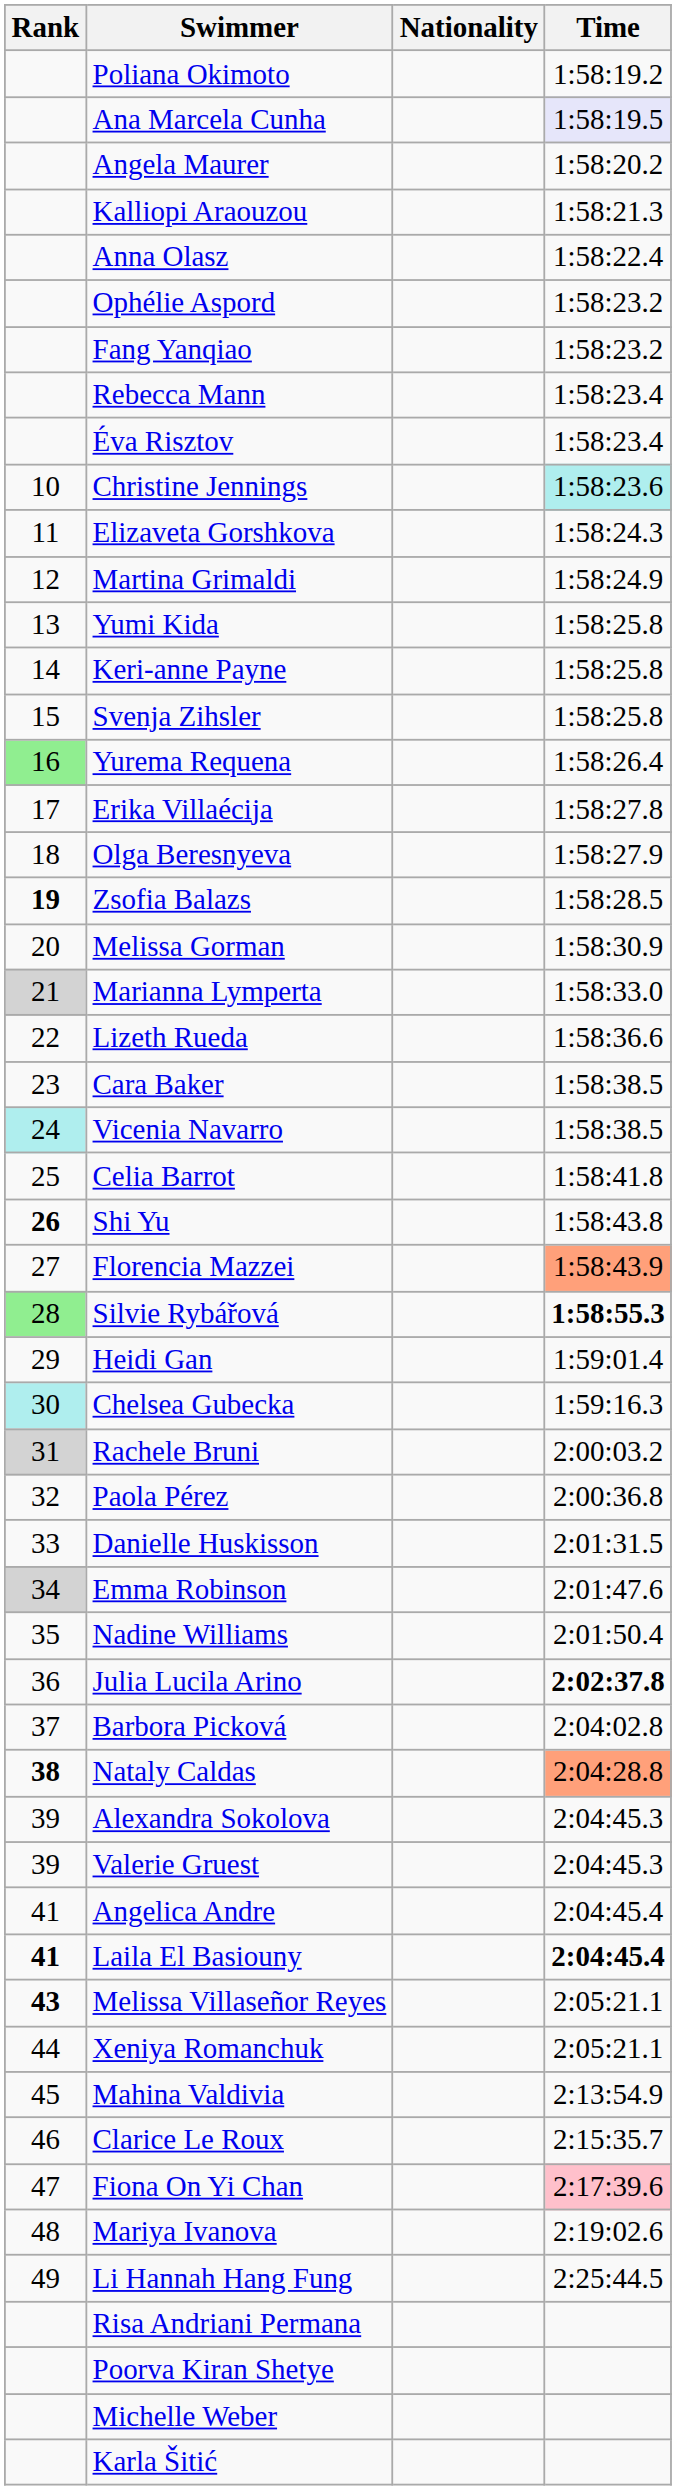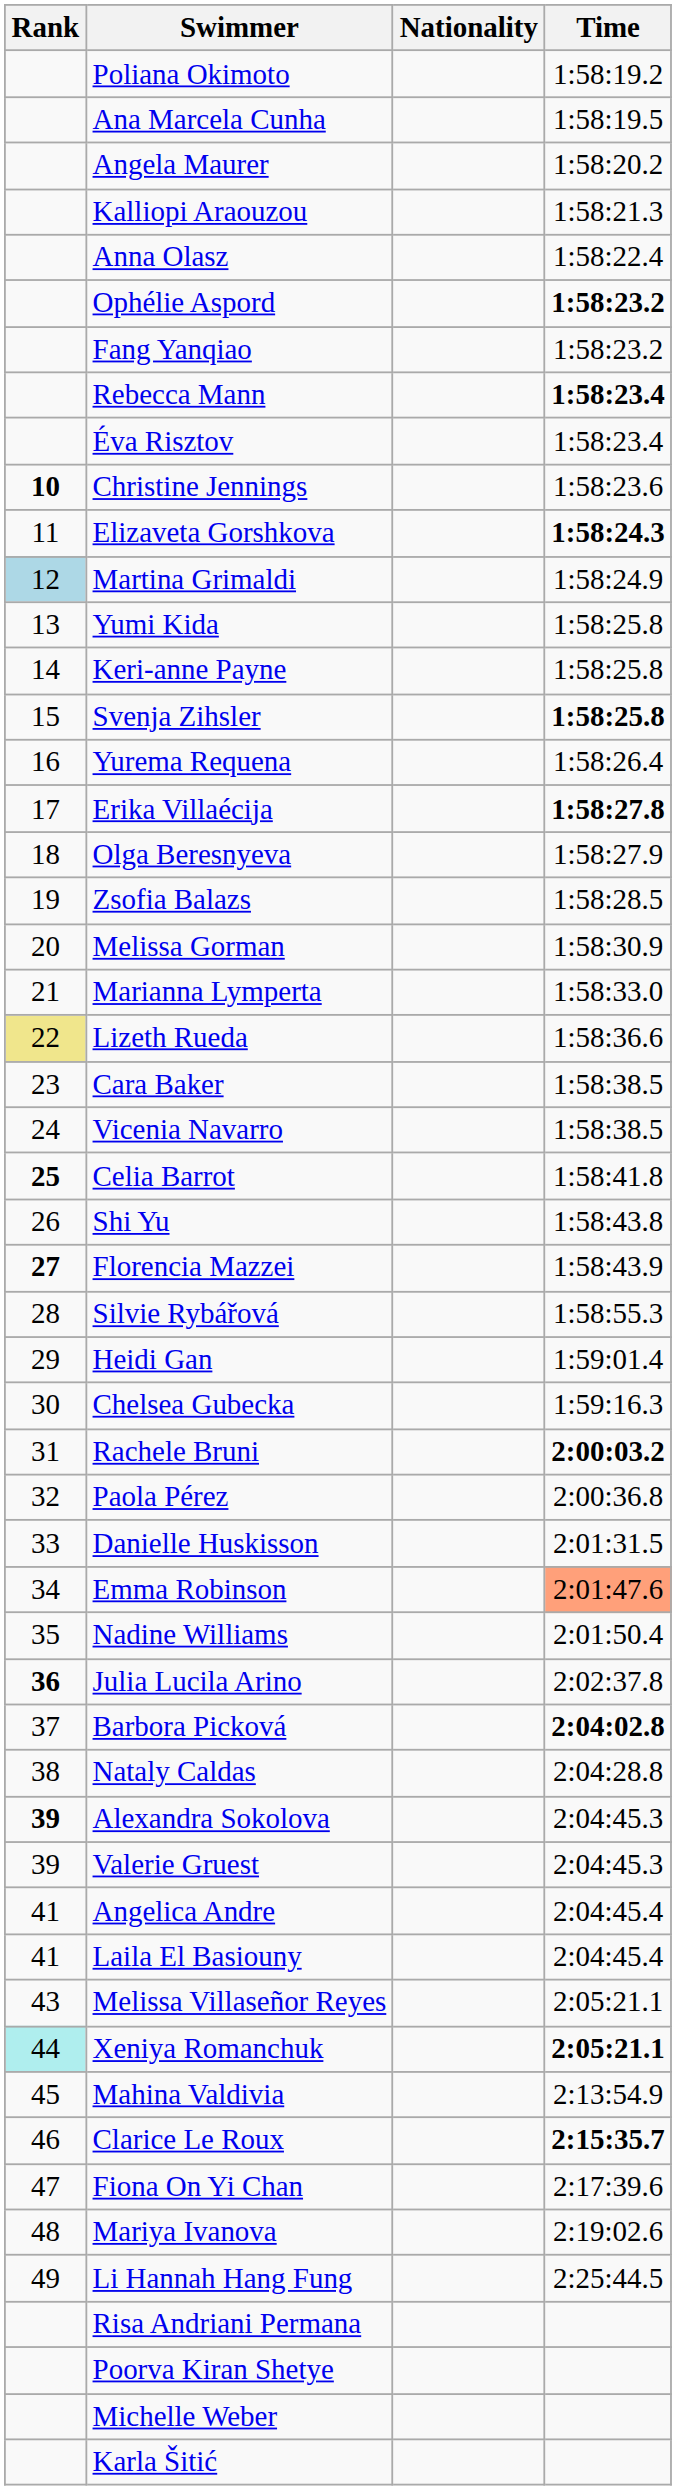 <table class="wikitable sortable" border="1" style="text-align:center">
 <tr>
 <th>Rank</th>
 <th>Swimmer</th>
 <th>Nationality</th>
 <th>Time</th>
 </tr>
 <tr>
 <td></td>
 <td align=left><a href='#'>Poliana Okimoto</a></td>
 <td align=left></td>
 <td>1:58:19.2</td>
 </tr>
 <tr>
 <td></td>
 <td align=left><a href='#'>Ana Marcela Cunha</a></td>
 <td align=left></td>
-<td style="background: lavender;">1:58:19.5</td>
+<td>1:58:19.5</td>
 </tr>
 <tr>
 <td></td>
 <td align=left><a href='#'>Angela Maurer</a></td>
 <td align=left></td>
 <td>1:58:20.2</td>
 </tr>
 <tr>
 <td></td>
 <td align=left><a href='#'>Kalliopi Araouzou</a></td>
 <td align=left></td>
 <td>1:58:21.3</td>
 </tr>
 <tr>
 <td></td>
 <td align=left><a href='#'>Anna Olasz</a></td>
 <td align=left></td>
 <td>1:58:22.4</td>
 </tr>
 <tr>
 <td></td>
 <td align=left><a href='#'>Ophélie Aspord</a></td>
 <td align=left></td>
-<td>1:58:23.2</td>
+<td><strong>1:58:23.2</strong></td>
 </tr>
 <tr>
 <td></td>
 <td align=left><a href='#'>Fang Yanqiao</a></td>
 <td align=left></td>
 <td>1:58:23.2</td>
 </tr>
 <tr>
 <td></td>
 <td align=left><a href='#'>Rebecca Mann</a></td>
 <td align=left></td>
-<td>1:58:23.4</td>
+<td><strong>1:58:23.4</strong></td>
 </tr>
 <tr>
 <td></td>
 <td align=left><a href='#'>Éva Risztov</a></td>
 <td align=left></td>
 <td>1:58:23.4</td>
 </tr>
 <tr>
-<td>10</td>
+<td><strong>10</strong></td>
 <td align=left><a href='#'>Christine Jennings</a></td>
 <td align=left></td>
-<td style="background: paleturquoise;">1:58:23.6</td>
+<td>1:58:23.6</td>
 </tr>
 <tr>
 <td>11</td>
 <td align=left><a href='#'>Elizaveta Gorshkova</a></td>
 <td align=left></td>
-<td>1:58:24.3</td>
+<td><strong>1:58:24.3</strong></td>
 </tr>
 <tr>
-<td>12</td>
+<td style="background: lightblue;">12</td>
 <td align=left><a href='#'>Martina Grimaldi</a></td>
 <td align=left></td>
 <td>1:58:24.9</td>
 </tr>
 <tr>
 <td>13</td>
 <td align=left><a href='#'>Yumi Kida</a></td>
 <td align=left></td>
 <td>1:58:25.8</td>
 </tr>
 <tr>
 <td>14</td>
 <td align=left><a href='#'>Keri-anne Payne</a></td>
 <td align=left></td>
 <td>1:58:25.8</td>
 </tr>
 <tr>
 <td>15</td>
 <td align=left><a href='#'>Svenja Zihsler</a></td>
 <td align=left></td>
-<td>1:58:25.8</td>
+<td><strong>1:58:25.8</strong></td>
 </tr>
 <tr>
-<td style="background: lightgreen;">16</td>
+<td>16</td>
 <td align=left><a href='#'>Yurema Requena</a></td>
 <td align=left></td>
 <td>1:58:26.4</td>
 </tr>
 <tr>
 <td>17</td>
 <td align=left><a href='#'>Erika Villaécija</a></td>
 <td align=left></td>
-<td>1:58:27.8</td>
+<td><strong>1:58:27.8</strong></td>
 </tr>
 <tr>
 <td>18</td>
 <td align=left><a href='#'>Olga Beresnyeva</a></td>
 <td align=left></td>
 <td>1:58:27.9</td>
 </tr>
 <tr>
-<td><strong>19</strong></td>
+<td>19</td>
 <td align=left><a href='#'>Zsofia Balazs</a></td>
 <td align=left></td>
 <td>1:58:28.5</td>
 </tr>
 <tr>
 <td>20</td>
 <td align=left><a href='#'>Melissa Gorman</a></td>
 <td align=left></td>
 <td>1:58:30.9</td>
 </tr>
 <tr>
-<td style="background: lightgrey;">21</td>
+<td>21</td>
 <td align=left><a href='#'>Marianna Lymperta</a></td>
 <td align=left></td>
 <td>1:58:33.0</td>
 </tr>
 <tr>
-<td>22</td>
+<td style="background: khaki;">22</td>
 <td align=left><a href='#'>Lizeth Rueda</a></td>
 <td align=left></td>
 <td>1:58:36.6</td>
 </tr>
 <tr>
 <td>23</td>
 <td align=left><a href='#'>Cara Baker</a></td>
 <td align=left></td>
 <td>1:58:38.5</td>
 </tr>
 <tr>
-<td style="background: paleturquoise;">24</td>
+<td>24</td>
 <td align=left><a href='#'>Vicenia Navarro</a></td>
 <td align=left></td>
 <td>1:58:38.5</td>
 </tr>
 <tr>
-<td>25</td>
+<td><strong>25</strong></td>
 <td align=left><a href='#'>Celia Barrot</a></td>
 <td align=left></td>
 <td>1:58:41.8</td>
 </tr>
 <tr>
-<td><strong>26</strong></td>
+<td>26</td>
 <td align=left><a href='#'>Shi Yu</a></td>
 <td align=left></td>
 <td>1:58:43.8</td>
 </tr>
 <tr>
-<td>27</td>
+<td><strong>27</strong></td>
 <td align=left><a href='#'>Florencia Mazzei</a></td>
 <td align=left></td>
-<td style="background: lightsalmon;">1:58:43.9</td>
+<td>1:58:43.9</td>
 </tr>
 <tr>
-<td style="background: lightgreen;">28</td>
+<td>28</td>
 <td align=left><a href='#'>Silvie Rybářová</a></td>
 <td align=left></td>
-<td><strong>1:58:55.3</strong></td>
+<td>1:58:55.3</td>
 </tr>
 <tr>
 <td>29</td>
 <td align=left><a href='#'>Heidi Gan</a></td>
 <td align=left></td>
 <td>1:59:01.4</td>
 </tr>
 <tr>
-<td style="background: paleturquoise;">30</td>
+<td>30</td>
 <td align=left><a href='#'>Chelsea Gubecka</a></td>
 <td align=left></td>
 <td>1:59:16.3</td>
 </tr>
 <tr>
-<td style="background: lightgrey;">31</td>
+<td>31</td>
 <td align=left><a href='#'>Rachele Bruni</a></td>
 <td align=left></td>
-<td>2:00:03.2</td>
+<td><strong>2:00:03.2</strong></td>
 </tr>
 <tr>
 <td>32</td>
 <td align=left><a href='#'>Paola Pérez</a></td>
 <td align=left></td>
 <td>2:00:36.8</td>
 </tr>
 <tr>
 <td>33</td>
 <td align=left><a href='#'>Danielle Huskisson</a></td>
 <td align=left></td>
 <td>2:01:31.5</td>
 </tr>
 <tr>
-<td style="background: lightgrey;">34</td>
+<td>34</td>
 <td align=left><a href='#'>Emma Robinson</a></td>
 <td align=left></td>
-<td>2:01:47.6</td>
+<td style="background: lightsalmon;">2:01:47.6</td>
 </tr>
 <tr>
 <td>35</td>
 <td align=left><a href='#'>Nadine Williams</a></td>
 <td align=left></td>
 <td>2:01:50.4</td>
 </tr>
 <tr>
-<td>36</td>
+<td><strong>36</strong></td>
 <td align=left><a href='#'>Julia Lucila Arino</a></td>
 <td align=left></td>
-<td><strong>2:02:37.8</strong></td>
+<td>2:02:37.8</td>
 </tr>
 <tr>
 <td>37</td>
 <td align=left><a href='#'>Barbora Picková</a></td>
 <td align=left></td>
-<td>2:04:02.8</td>
+<td><strong>2:04:02.8</strong></td>
 </tr>
 <tr>
-<td><strong>38</strong></td>
+<td>38</td>
 <td align=left><a href='#'>Nataly Caldas</a></td>
 <td align=left></td>
-<td style="background: lightsalmon;">2:04:28.8</td>
+<td>2:04:28.8</td>
 </tr>
 <tr>
-<td>39</td>
+<td><strong>39</strong></td>
 <td align=left><a href='#'>Alexandra Sokolova</a></td>
 <td align=left></td>
 <td>2:04:45.3</td>
 </tr>
 <tr>
 <td>39</td>
 <td align=left><a href='#'>Valerie Gruest</a></td>
 <td align=left></td>
 <td>2:04:45.3</td>
 </tr>
 <tr>
 <td>41</td>
 <td align=left><a href='#'>Angelica Andre</a></td>
 <td align=left></td>
 <td>2:04:45.4</td>
 </tr>
 <tr>
-<td><strong>41</strong></td>
+<td>41</td>
 <td align=left><a href='#'>Laila El Basiouny</a></td>
 <td align=left></td>
-<td><strong>2:04:45.4</strong></td>
+<td>2:04:45.4</td>
 </tr>
 <tr>
-<td><strong>43</strong></td>
+<td>43</td>
 <td align=left><a href='#'>Melissa Villaseñor Reyes</a></td>
 <td align=left></td>
 <td>2:05:21.1</td>
 </tr>
 <tr>
-<td>44</td>
+<td style="background: paleturquoise;">44</td>
 <td align=left><a href='#'>Xeniya Romanchuk</a></td>
 <td align=left></td>
-<td>2:05:21.1</td>
+<td><strong>2:05:21.1</strong></td>
 </tr>
 <tr>
 <td>45</td>
 <td align=left><a href='#'>Mahina Valdivia</a></td>
 <td align=left></td>
 <td>2:13:54.9</td>
 </tr>
 <tr>
 <td>46</td>
 <td align=left><a href='#'>Clarice Le Roux</a></td>
 <td align=left></td>
-<td>2:15:35.7</td>
+<td><strong>2:15:35.7</strong></td>
 </tr>
 <tr>
 <td>47</td>
 <td align=left><a href='#'>Fiona On Yi Chan</a></td>
 <td align=left></td>
-<td style="background: pink;">2:17:39.6</td>
+<td>2:17:39.6</td>
 </tr>
 <tr>
 <td>48</td>
 <td align=left><a href='#'>Mariya Ivanova</a></td>
 <td align=left></td>
 <td>2:19:02.6</td>
 </tr>
 <tr>
 <td>49</td>
 <td align=left><a href='#'>Li Hannah Hang Fung</a></td>
 <td align=left></td>
 <td>2:25:44.5</td>
 </tr>
 <tr>
 <td></td>
 <td align=left><a href='#'>Risa Andriani Permana</a></td>
 <td align=left></td>
 <td></td>
 </tr>
 <tr>
 <td></td>
 <td align=left><a href='#'>Poorva Kiran Shetye</a></td>
 <td align=left></td>
 <td></td>
 </tr>
 <tr>
 <td></td>
 <td align=left><a href='#'>Michelle Weber</a></td>
 <td align=left></td>
 <td></td>
 </tr>
 <tr>
 <td></td>
 <td align=left><a href='#'>Karla Šitić</a></td>
 <td align=left></td>
 <td></td>
 </tr>
 </table>
